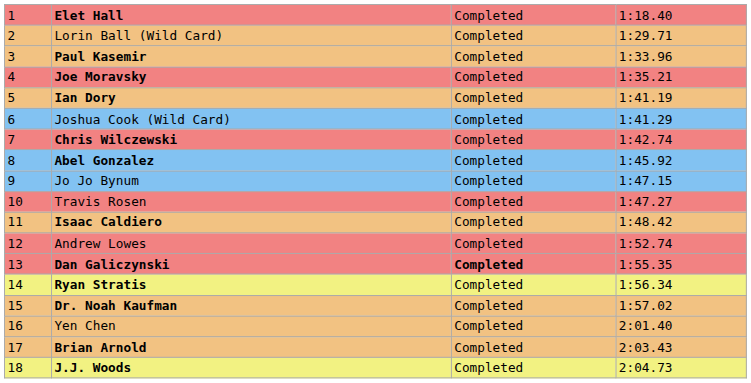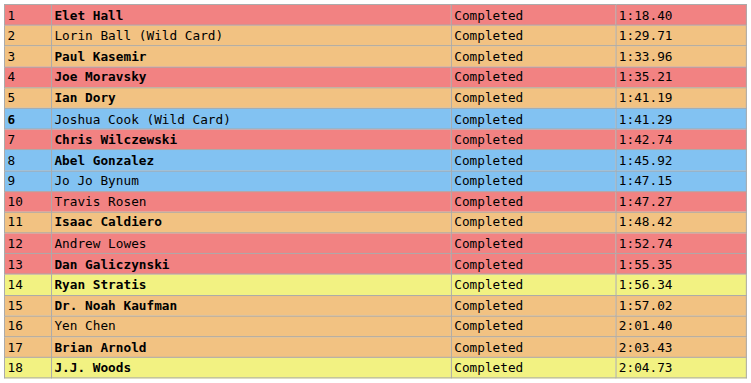 <table class="wikitable sortable" width=60%>
 <tr style="background-color:#f28282">
 <td>1</td>
 <td><strong>Elet Hall</strong></td>
 <td>Completed</td>
 <td>1:18.40</td>
 </tr>
 <tr style="background-color:#f2c282">
 <td>2</td>
 <td>Lorin Ball  (Wild Card)</td>
 <td>Completed</td>
 <td>1:29.71</td>
 </tr>
 <tr style="background-color:#f2c282">
 <td>3</td>
 <td><strong>Paul Kasemir</strong></td>
 <td>Completed</td>
 <td>1:33.96</td>
 </tr>
 <tr style="background-color:#f28282">
 <td>4</td>
 <td><strong>Joe Moravsky</strong></td>
 <td>Completed</td>
 <td>1:35.21</td>
 </tr>
 <tr style="background-color:#f2c282">
 <td>5</td>
 <td><strong>Ian Dory</strong></td>
 <td>Completed</td>
 <td>1:41.19</td>
 </tr>
 <tr style="background-color:#82c2f2">
-<td>6</td>
+<td><strong>6</strong></td>
 <td>Joshua Cook (Wild Card)</td>
 <td>Completed</td>
 <td>1:41.29</td>
 </tr>
 <tr style="background-color:#f28282">
 <td>7</td>
 <td><strong>Chris Wilczewski</strong></td>
 <td>Completed</td>
 <td>1:42.74</td>
 </tr>
 <tr style="background-color:#82c2f2">
 <td>8</td>
 <td><strong>Abel Gonzalez</strong></td>
 <td>Completed</td>
 <td>1:45.92</td>
 </tr>
 <tr style="background-color:#82c2f2">
 <td>9</td>
 <td>Jo Jo Bynum</td>
 <td>Completed</td>
 <td>1:47.15</td>
 </tr>
 <tr style="background-color:#f28282">
 <td>10</td>
 <td>Travis Rosen</td>
 <td>Completed</td>
 <td>1:47.27</td>
 </tr>
 <tr style="background-color:#f2c282">
 <td>11</td>
 <td><strong>Isaac Caldiero</strong></td>
 <td>Completed</td>
 <td>1:48.42</td>
 </tr>
 <tr style="background-color:#f28282">
 <td>12</td>
 <td>Andrew Lowes</td>
 <td>Completed</td>
 <td>1:52.74</td>
 </tr>
 <tr style="background-color:#f28282">
 <td>13</td>
 <td><strong>Dan Galiczynski</strong></td>
-<td><strong>Completed</strong></td>
+<td>Completed</td>
 <td>1:55.35</td>
 </tr>
 <tr style="background-color:#f2f282">
 <td>14</td>
 <td><strong>Ryan Stratis</strong></td>
 <td>Completed</td>
 <td>1:56.34</td>
 </tr>
 <tr style="background-color:#f2c282">
 <td>15</td>
 <td><strong>Dr. Noah Kaufman</strong></td>
 <td>Completed</td>
 <td>1:57.02</td>
 </tr>
 <tr style="background-color:#f2c282">
 <td>16</td>
 <td>Yen Chen</td>
 <td>Completed</td>
 <td>2:01.40</td>
 </tr>
 <tr style="background-color:#f2c282">
 <td>17</td>
 <td><strong>Brian Arnold</strong></td>
 <td>Completed</td>
 <td>2:03.43</td>
 </tr>
 <tr style="background-color:#f2f282">
 <td>18</td>
 <td><strong>J.J. Woods</strong></td>
 <td>Completed</td>
 <td>2:04.73</td>
 </tr>
 </table>
